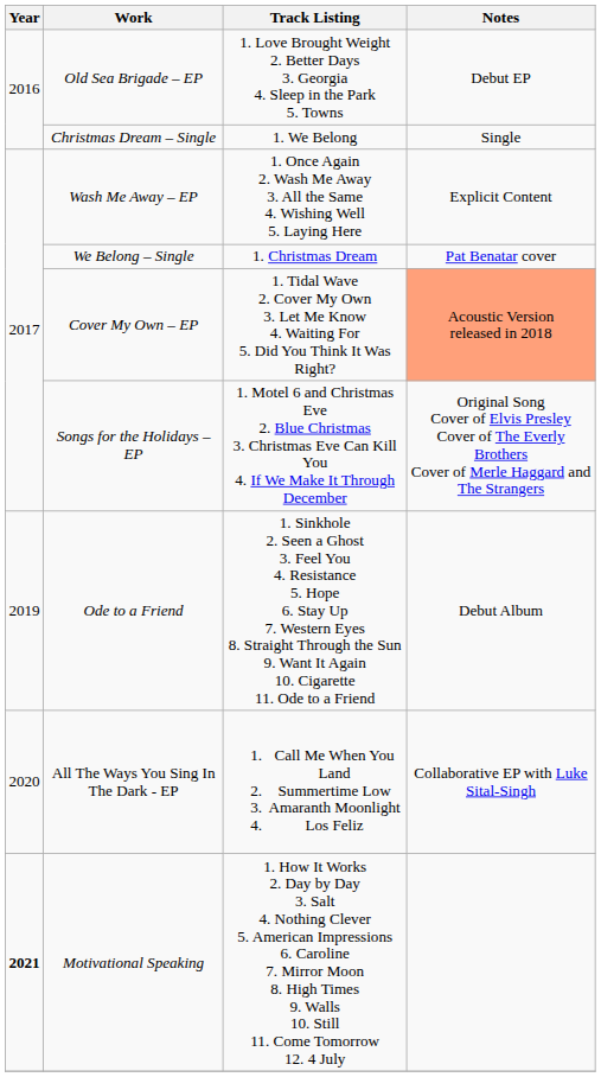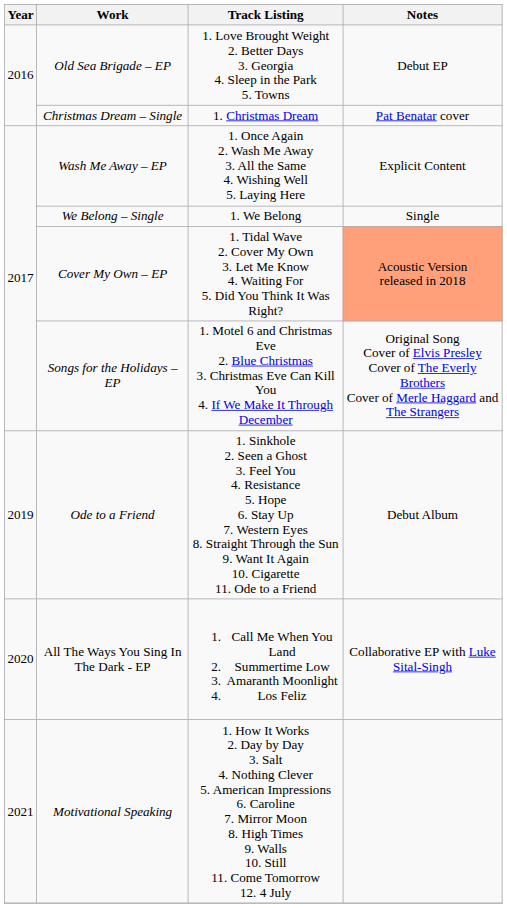 <table class="wikitable" style="text-align: center">
 <tr>
 <th>Year</th>
 <th>Work</th>
 <th>Track Listing</th>
 <th>Notes</th>
 </tr>
 <tr>
 <td rowspan=2>2016</td>
 <td><em>Old Sea Brigade – EP</em></td>
 <td>1. Love Brought Weight<br>2. Better Days<br>3. Georgia<br>4. Sleep in the Park<br>5. Towns</td>
 <td>Debut EP</td>
 </tr>
 <tr>
 <td><em>Christmas Dream – Single</em></td>
-<td>1. We Belong</td>
-<td>Single</td>
+<td>1. <a href='#'>Christmas Dream</a></td>
+<td><a href='#'>Pat Benatar</a> cover</td>
 </tr>
 <tr>
 <td rowspan=4>2017</td>
 <td><em>Wash Me Away – EP</em></td>
 <td>1. Once Again<br>2. Wash Me Away<br>3. All the Same<br>4. Wishing Well<br>5. Laying Here</td>
 <td>Explicit Content</td>
 </tr>
 <tr>
 <td><em>We Belong – Single</em></td>
-<td>1. <a href='#'>Christmas Dream</a></td>
-<td><a href='#'>Pat Benatar</a> cover</td>
+<td>1. We Belong</td>
+<td>Single</td>
 </tr>
 <tr>
 <td><em>Cover My Own – EP</em></td>
 <td>1. Tidal Wave<br>2. Cover My Own<br>3. Let Me Know<br>4. Waiting For<br>5. Did You Think It Was Right?</td>
 <td style="background: lightsalmon;">Acoustic Version<br>released in 2018</td>
 </tr>
 <tr>
 <td><em>Songs for the Holidays – EP</em></td>
 <td>1. Motel 6 and Christmas Eve<br>2. <a href='#'>Blue Christmas</a><br>3. Christmas Eve Can Kill You<br>4. <a href='#'>If We Make It Through December</a></td>
 <td>Original Song<br>Cover of <a href='#'>Elvis Presley</a><br>Cover of <a href='#'>The Everly Brothers</a><br>Cover of <a href='#'>Merle Haggard</a> and <a href='#'>The Strangers</a></td>
 </tr>
 <tr>
 <td>2019</td>
 <td><em>Ode to a Friend</em></td>
 <td>1. Sinkhole<br>2. Seen a Ghost<br>3. Feel You<br>4. Resistance<br>5. Hope<br>6. Stay Up<br>7. Western Eyes<br>8. Straight Through the Sun<br>9. Want It Again<br>10. Cigarette<br>11. Ode to a Friend</td>
 <td>Debut Album</td>
 </tr>
 <tr>
 <td>2020</td>
 <td>All The Ways You Sing In The Dark - EP</td>
 <td><br><ol><li>Call Me When You Land</li><li>Summertime Low</li><li>Amaranth Moonlight</li><li>Los Feliz</li></ol></td>
 <td>Collaborative EP with <a href='#'>Luke Sital-Singh</a></td>
 </tr>
 <tr>
-<td><strong>2021</strong></td>
+<td>2021</td>
 <td><em>Motivational Speaking</em></td>
 <td>1. How It Works<br>2. Day by Day<br>3. Salt<br>4. Nothing Clever<br>5. American Impressions<br>6. Caroline<br>7. Mirror Moon<br>8. High Times<br>9. Walls<br>10. Still<br>11. Come Tomorrow<br>12. 4 July</td>
 <td></td>
 </tr>
 <tr>
 </tr>
 </table>
